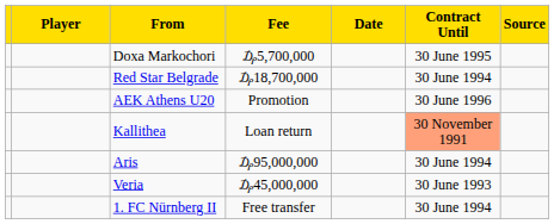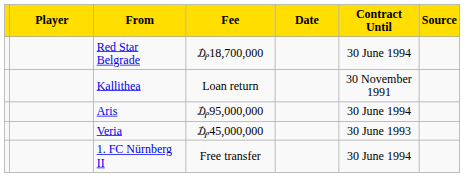 <table class="wikitable sortable">
 <tr>
 <th style="background:#FFDE00"></th>
 <th width=200 style="background:#FFDE00">Player</th>
 <th width=200 style="background:#FFDE00">From</th>
 <th width=150 style="background:#FFDE00">Fee</th>
 <th width=150 style="background:#FFDE00">Date</th>
 <th width=150 style="background:#FFDE00">Contract Until</th>
 <th style="background:#FFDE00">Source</th>
 </tr>
 <tr>
 <td align=center></td>
 <td></td>
-<td> Doxa Markochori</td>
-<td align=center>₯5,700,000</td>
-<td align=center></td>
-<td align=center>30 June 1995</td>
-<td align=center></td>
-</tr>
-<tr>
-<td align=center></td>
-<td></td>
 <td> <a href='#'>Red Star Belgrade</a></td>
 <td align=center>₯18,700,000</td>
 <td align=center></td>
 <td align=center>30 June 1994</td>
 <td align=center></td>
 </tr>
 <tr>
 <td align=center></td>
 <td></td>
-<td> <a href='#'>AEK Athens U20</a></td>
-<td align=center>Promotion</td>
-<td align=center></td>
-<td align=center>30 June 1996</td>
-<td align=center></td>
-</tr>
-<tr>
-<td align=center></td>
-<td></td>
 <td> <a href='#'>Kallithea</a></td>
 <td align=center>Loan return</td>
 <td align=center></td>
-<td align=center style="background: lightsalmon;">30 November 1991</td>
+<td align=center>30 November 1991</td>
 <td align=center></td>
 </tr>
 <tr>
 <td align=center></td>
 <td></td>
 <td> <a href='#'>Aris</a></td>
 <td align=center>₯95,000,000</td>
 <td align=center></td>
 <td align=center>30 June 1994</td>
 <td align=center></td>
 </tr>
 <tr>
 <td align=center></td>
 <td></td>
 <td> <a href='#'>Veria</a></td>
 <td align=center>₯45,000,000</td>
 <td align=center></td>
 <td align=center>30 June 1993</td>
 <td align=center></td>
 </tr>
 <tr>
 <td align=center></td>
 <td></td>
 <td> <a href='#'>1. FC Nürnberg II</a></td>
 <td align=center>Free transfer</td>
 <td align=center></td>
 <td align=center>30 June 1994</td>
 <td align=center></td>
 </tr>
 </table>
